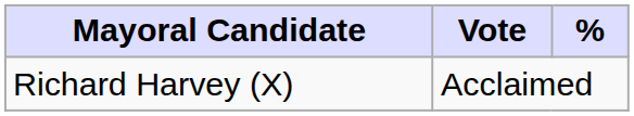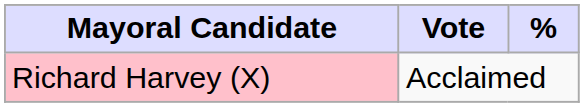 <table class="wikitable">
 <tr>
 <th style="background:#ddf; width:200px;">Mayoral Candidate</th>
 <th style="background:#ddf; width:50px;">Vote</th>
 <th style="background:#ddf; width:30px;">%</th>
 </tr>
 <tr>
-<td>Richard Harvey (X)</td>
+<td style="background: pink;">Richard Harvey (X)</td>
 <td colspan="2">Acclaimed</td>
 </tr>
 </table>
